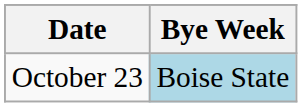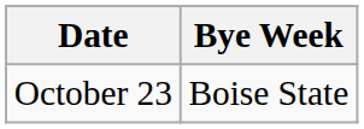 <table class="wikitable" style="font-size:95%">
 <tr>
 <th>Date</th>
 <th colspan="1">Bye Week</th>
 </tr>
 <tr>
 <td>October 23</td>
-<td style="background: lightblue;">Boise State</td>
+<td>Boise State</td>
 </tr>
 </table>
